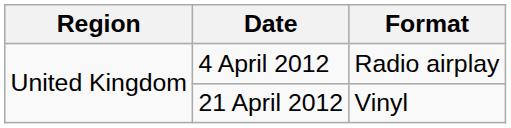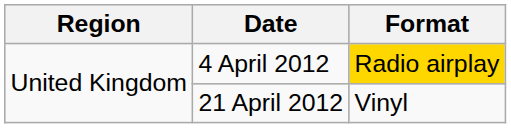 <table class=wikitable>
 <tr>
 <th>Region</th>
 <th>Date</th>
 <th>Format</th>
 </tr>
 <tr>
 <td rowspan="2">United Kingdom</td>
 <td>4 April 2012</td>
-<td>Radio airplay</td>
+<td style="background: gold;">Radio airplay</td>
 </tr>
 <tr>
 <td>21 April 2012</td>
 <td>Vinyl</td>
 </tr>
 </table>
